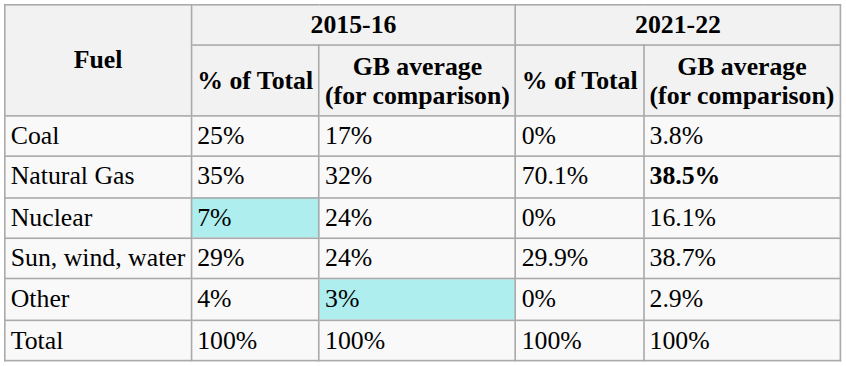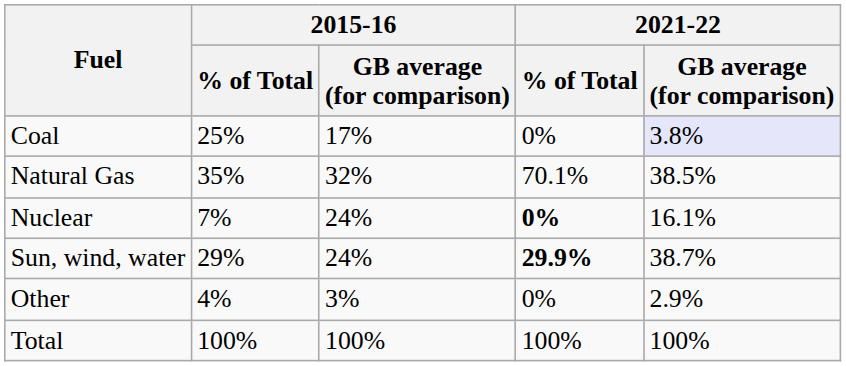 <table class="wikitable">
 <tr>
 <th rowspan=2>Fuel</th>
 <th Colspan=2>2015-16</th>
 <th Colspan=2>2021-22</th>
 </tr>
 <tr>
 <th>% of Total</th>
 <th>GB average<br>(for comparison)</th>
 <th>% of Total</th>
 <th>GB average<br>(for comparison)</th>
 </tr>
 <tr>
 <td>Coal</td>
 <td>25%</td>
 <td>17%</td>
 <td>0%</td>
-<td>3.8%</td>
+<td style="background: lavender;">3.8%</td>
 </tr>
 <tr>
 <td>Natural Gas</td>
 <td>35%</td>
 <td>32%</td>
 <td>70.1%</td>
-<td><strong>38.5%</strong></td>
+<td>38.5%</td>
 </tr>
 <tr>
 <td>Nuclear</td>
-<td style="background: paleturquoise;">7%</td>
+<td>7%</td>
 <td>24%</td>
-<td>0%</td>
+<td><strong>0%</strong></td>
 <td>16.1%</td>
 </tr>
 <tr>
 <td>Sun, wind, water</td>
 <td>29%</td>
 <td>24%</td>
-<td>29.9%</td>
+<td><strong>29.9%</strong></td>
 <td>38.7%</td>
 </tr>
 <tr>
 <td>Other</td>
 <td>4%</td>
-<td style="background: paleturquoise;">3%</td>
+<td>3%</td>
 <td>0%</td>
 <td>2.9%</td>
 </tr>
 <tr>
 <td>Total</td>
 <td>100%</td>
 <td>100%</td>
 <td>100%</td>
 <td>100%</td>
 </tr>
 </table>
